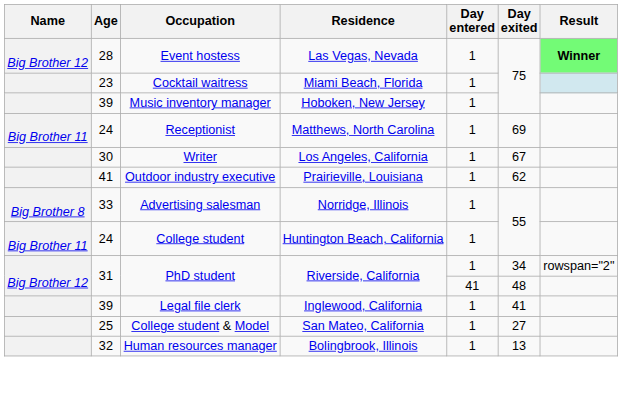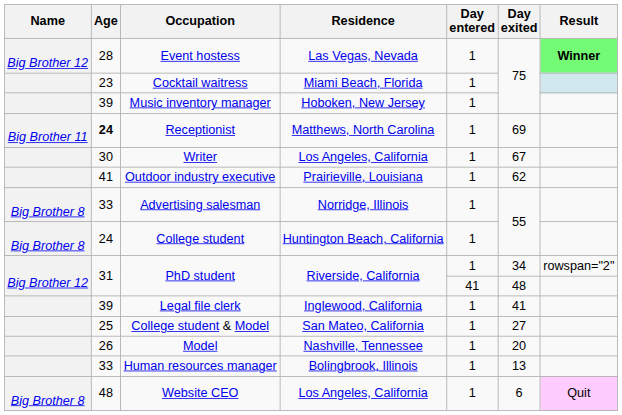 <table class="wikitable sortable" style="text-align:center; font-size:100%;">
 <tr>
 <th scope="col">Name</th>
 <th scope="col">Age</th>
 <th scope="col" class="unsortable">Occupation</th>
 <th scope="col" class="unsortable">Residence</th>
 <th scope="col" class="unsortable">Day<br>entered</th>
 <th scope="col">Day<br>exited</th>
 <th scope="col"class="unsortable">Result</th>
 </tr>
 <tr>
 <th scope="row" style="font-weight:normal"><strong></strong><br><em><a href='#'>Big Brother 12</a></em></th>
 <td>28</td>
 <td><a href='#'>Event hostess</a></td>
 <td><a href='#'>Las Vegas, Nevada</a></td>
 <td>1</td>
 <td rowspan="3">75</td>
 <td bgcolor="73FB76"><strong>Winner</strong></td>
 </tr>
 <tr>
 <th scope="row"></th>
 <td>23</td>
 <td><a href='#'>Cocktail waitress</a></td>
 <td><a href='#'>Miami Beach, Florida</a></td>
 <td>1</td>
 <td bgcolor="D1E8EF"></td>
 </tr>
 <tr>
 <th scope="row"></th>
 <td>39</td>
 <td><a href='#'>Music inventory manager</a></td>
 <td><a href='#'>Hoboken, New Jersey</a></td>
 <td>1</td>
 <td></td>
 </tr>
 <tr>
 <th scope="row" style="font-weight:normal"><strong></strong><br><em><a href='#'>Big Brother 11</a></em></th>
-<td>24</td>
+<td><strong>24</strong></td>
 <td><a href='#'>Receptionist</a></td>
 <td><a href='#'>Matthews, North Carolina</a></td>
 <td>1</td>
 <td>69</td>
 <td></td>
 </tr>
 <tr>
 <th scope="row"></th>
 <td>30</td>
 <td><a href='#'>Writer</a></td>
 <td><a href='#'>Los Angeles, California</a></td>
 <td>1</td>
 <td>67</td>
 <td></td>
 </tr>
 <tr>
 <th scope="row"></th>
 <td>41</td>
 <td><a href='#'>Outdoor industry executive</a></td>
 <td><a href='#'>Prairieville, Louisiana</a></td>
 <td>1</td>
 <td>62</td>
 <td></td>
 </tr>
 <tr>
 <th scope="row" style="font-weight:normal"><strong></strong><br><em><a href='#'>Big Brother 8</a></em></th>
 <td>33</td>
 <td><a href='#'>Advertising salesman</a></td>
 <td><a href='#'>Norridge, Illinois</a></td>
 <td>1</td>
 <td rowspan="2">55</td>
 <td></td>
 </tr>
 <tr>
-<th scope="row" style="font-weight:normal"><strong></strong><br><em><a href='#'>Big Brother 11</a></em></th>
+<th scope="row" style="font-weight:normal"><strong></strong><br><em><a href='#'>Big Brother 8</a></em></th>
 <td>24</td>
 <td><a href='#'>College student</a></td>
 <td><a href='#'>Huntington Beach, California</a></td>
 <td>1</td>
 <td></td>
 </tr>
 <tr>
 <th scope="row" style="font-weight:normal" rowspan="2"><strong></strong><br><em><a href='#'>Big Brother 12</a></em></th>
 <td rowspan="2">31</td>
 <td rowspan="2"><a href='#'>PhD student</a></td>
 <td rowspan="2"><a href='#'>Riverside, California</a></td>
 <td>1</td>
 <td>34</td>
 <td>rowspan="2" </td>
 </tr>
 <tr>
 <td>41</td>
 <td>48</td>
 </tr>
 <tr>
 <th scope="row"></th>
 <td>39</td>
 <td><a href='#'>Legal file clerk</a></td>
 <td><a href='#'>Inglewood, California</a></td>
 <td>1</td>
 <td>41</td>
 <td></td>
 </tr>
 <tr>
 <th scope="row"></th>
 <td>25</td>
 <td><a href='#'>College student</a> & <a href='#'>Model</a></td>
 <td><a href='#'>San Mateo, California</a></td>
 <td>1</td>
 <td>27</td>
 <td></td>
 </tr>
 <tr>
 <th scope="row"></th>
-<td>32</td>
+<td>26</td>
+<td><a href='#'>Model</a></td>
+<td><a href='#'>Nashville, Tennessee</a></td>
+<td>1</td>
+<td>20</td>
+<td></td>
+</tr>
+<tr>
+<th scope="row"></th>
+<td>33</td>
 <td><a href='#'>Human resources manager</a></td>
 <td><a href='#'>Bolingbrook, Illinois</a></td>
 <td>1</td>
 <td>13</td>
 <td></td>
 </tr>
+<tr>
+<th scope="row" style="font-weight:normal"><strong></strong><br><em><a href='#'>Big Brother 8</a></em></th>
+<td>48</td>
+<td><a href='#'>Website CEO</a></td>
+<td><a href='#'>Los Angeles, California</a></td>
+<td>1</td>
+<td>6</td>
+<td bgcolor="#fcf">Quit</td>
+</tr>
 </table>
